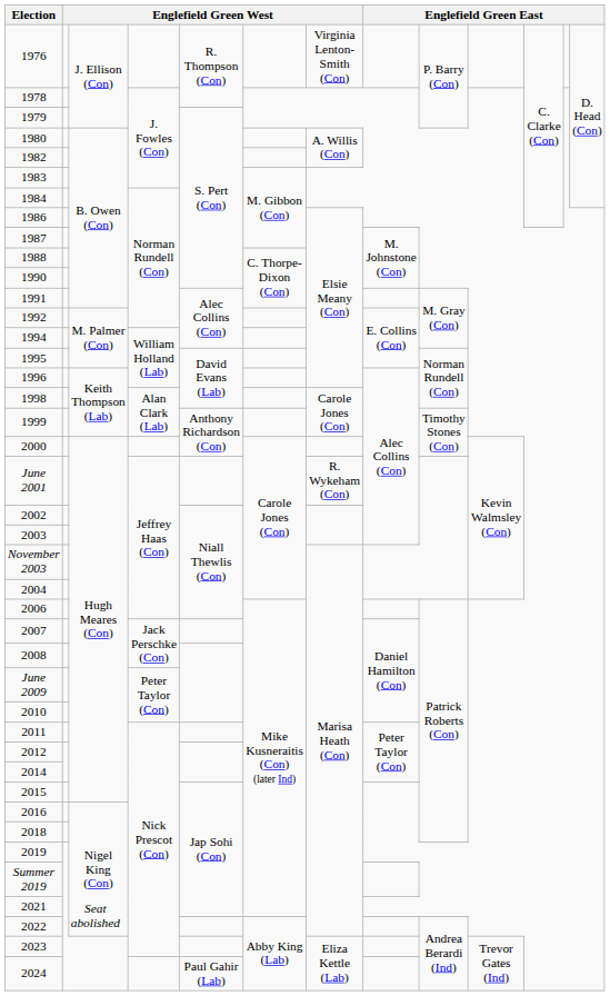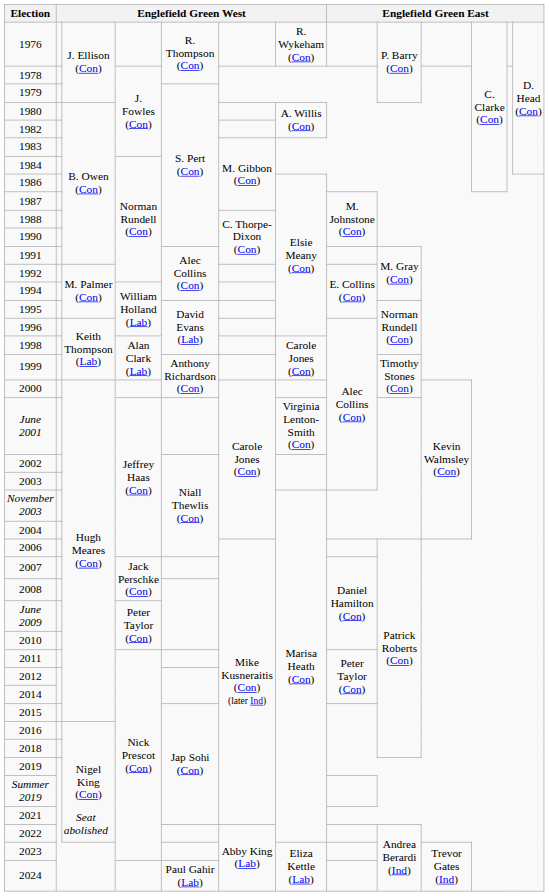 <table class="wikitable" style="text-align:center">
 <tr>
 <th>Election</th>
 <th colspan="6">Englefield Green West</th>
 <th colspan="6">Englefield Green East</th>
 </tr>
 <tr>
 <td>1976</td>
 <td style="color:inherit;background:"></td>
 <td rowspan="3">J. Ellison<br>(<a href='#'>Con</a>)</td>
 <td style="color:inherit;background:"></td>
 <td rowspan="2">R. Thompson<br>(<a href='#'>Con</a>)</td>
 <td style="color:inherit;background:"></td>
-<td>Virginia Lenton-Smith<br>(<a href='#'>Con</a>)</td>
+<td>R. Wykeham<br>(<a href='#'>Con</a>)</td>
 <td style="color:inherit;background:"></td>
 <td rowspan="3">P. Barry<br>(<a href='#'>Con</a>)</td>
 <td style="color:inherit;background:"></td>
 <td rowspan="8">C. Clarke<br>(<a href='#'>Con</a>)</td>
 <td style="color:inherit;background:"></td>
 <td rowspan="7">D. Head<br>(<a href='#'>Con</a>)</td>
 </tr>
 <tr>
 <td>1978</td>
 <td style="color:inherit;background:"></td>
 <td rowspan="5">J. Fowles<br>(<a href='#'>Con</a>)</td>
 </tr>
 <tr>
 <td>1979</td>
 <td style="color:inherit;background:"></td>
 <td rowspan="9">S. Pert<br>(<a href='#'>Con</a>)</td>
 </tr>
 <tr>
 <td>1980</td>
 <td style="color:inherit;background:"></td>
 <td rowspan="9">B. Owen<br>(<a href='#'>Con</a>)</td>
 <td style="color:inherit;background:"></td>
 <td rowspan="2">A. Willis<br>(<a href='#'>Con</a>)</td>
 </tr>
 <tr>
 <td>1982</td>
 </tr>
 <tr>
 <td>1983</td>
 <td style="color:inherit;background:"></td>
 <td rowspan="4">M. Gibbon<br>(<a href='#'>Con</a>)</td>
 </tr>
 <tr>
 <td>1984</td>
 <td style="color:inherit;background:"></td>
 <td rowspan="7">Norman Rundell<br>(<a href='#'>Con</a>)</td>
 </tr>
 <tr>
 <td>1986</td>
 <td style="color:inherit;background:"></td>
 <td rowspan="9">Elsie Meany<br>(<a href='#'>Con</a>)</td>
 </tr>
 <tr>
 <td>1987</td>
 <td style="color:inherit;background:"></td>
 <td rowspan="3">M. Johnstone<br>(<a href='#'>Con</a>)</td>
 </tr>
 <tr>
 <td>1988</td>
 <td style="color:inherit;background:"></td>
 <td rowspan="3">C. Thorpe-Dixon<br>(<a href='#'>Con</a>)</td>
 </tr>
 <tr>
 <td>1990</td>
 </tr>
 <tr>
 <td>1991</td>
 <td style="color:inherit;background:"></td>
 <td rowspan="3">Alec Collins<br>(<a href='#'>Con</a>)</td>
 <td style="color:inherit;background:"></td>
 <td rowspan="3">M. Gray<br>(<a href='#'>Con</a>)</td>
 </tr>
 <tr>
 <td>1992</td>
 <td style="color:inherit;background:"></td>
 <td rowspan="3">M. Palmer<br>(<a href='#'>Con</a>)</td>
 <td style="color:inherit;background:"></td>
 <td rowspan="3">E. Collins<br>(<a href='#'>Con</a>)</td>
 </tr>
 <tr>
 <td>1994</td>
 <td style="color:inherit;background:"></td>
 <td rowspan="3">William Holland<br>(<a href='#'>Lab</a>)</td>
 </tr>
 <tr>
 <td>1995</td>
 <td style="color:inherit;background:"></td>
 <td rowspan="3">David Evans<br>(<a href='#'>Lab</a>)</td>
 <td style="color:inherit;background:"></td>
 <td rowspan="3">Norman Rundell<br>(<a href='#'>Con</a>)</td>
 </tr>
 <tr>
 <td>1996</td>
 <td style="color:inherit;background:"></td>
 <td rowspan="3">Keith Thompson<br>(<a href='#'>Lab</a>)</td>
 <td style="color:inherit;background:"></td>
 <td rowspan="7">Alec Collins<br>(<a href='#'>Con</a>)</td>
 </tr>
 <tr>
 <td>1998</td>
 <td style="color:inherit;background:"></td>
 <td rowspan="2">Alan Clark<br>(<a href='#'>Lab</a>)</td>
 <td style="color:inherit;background:"></td>
 <td rowspan="2">Carole Jones<br>(<a href='#'>Con</a>)</td>
 </tr>
 <tr>
 <td>1999</td>
 <td style="color:inherit;background:"></td>
 <td rowspan="2">Anthony Richardson<br>(<a href='#'>Con</a>)</td>
 <td style="color:inherit;background:"></td>
 <td rowspan="2">Timothy Stones<br>(<a href='#'>Con</a>)</td>
 </tr>
 <tr>
 <td>2000</td>
 <td style="color:inherit;background:"></td>
 <td rowspan="15">Hugh Meares<br>(<a href='#'>Con</a>)</td>
 <td style="color:inherit;background:"></td>
 <td rowspan="6">Carole Jones<br>(<a href='#'>Con</a>)</td>
 <td style="color:inherit;background:"></td>
 <td rowspan="6">Kevin Walmsley<br>(<a href='#'>Con</a>)</td>
 </tr>
 <tr>
 <td><em>June 2001</em></td>
 <td style="color:inherit;background:"></td>
 <td rowspan="6">Jeffrey Haas<br>(<a href='#'>Con</a>)</td>
 <td style="color:inherit;background:"></td>
-<td>R. Wykeham<br>(<a href='#'>Con</a>)</td>
+<td>Virginia Lenton-Smith<br>(<a href='#'>Con</a>)</td>
 </tr>
 <tr>
 <td>2002</td>
 <td style="color:inherit;background:"></td>
 <td rowspan="5">Niall Thewlis<br>(<a href='#'>Con</a>)</td>
 </tr>
 <tr>
 <td>2003</td>
 </tr>
 <tr>
 <td><em>November 2003</em></td>
 <td style="color:inherit;background:"></td>
 <td rowspan="17">Marisa Heath<br>(<a href='#'>Con</a>)</td>
 </tr>
 <tr>
 <td>2004</td>
 </tr>
 <tr>
 <td>2006</td>
 <td style="color:inherit;background:"></td>
 <td rowspan="14">Mike Kusneraitis<br>(<a href='#'>Con</a>)<br><small>(later <a href='#'>Ind</a>)</small></td>
 <td style="color:inherit;background:"></td>
 <td rowspan="11">Patrick Roberts<br>(<a href='#'>Con</a>)</td>
 </tr>
 <tr>
 <td>2007</td>
 <td style="color:inherit;background:"></td>
 <td rowspan="2">Jack Perschke<br>(<a href='#'>Con</a>)</td>
 <td style="color:inherit;background:"></td>
 <td rowspan="4">Daniel Hamilton<br>(<a href='#'>Con</a>)</td>
 </tr>
 <tr>
 <td>2008</td>
 </tr>
 <tr>
 <td><em>June 2009</em></td>
 <td style="color:inherit;background:"></td>
 <td rowspan="2">Peter Taylor<br>(<a href='#'>Con</a>)</td>
 </tr>
 <tr>
 <td>2010</td>
 </tr>
 <tr>
 <td>2011</td>
 <td style="color:inherit;background:"></td>
 <td rowspan="11">Nick Prescot<br>(<a href='#'>Con</a>)</td>
 <td style="color:inherit;background:"></td>
 <td rowspan="3">Peter Taylor<br>(<a href='#'>Con</a>)</td>
 </tr>
 <tr>
 <td>2012</td>
 </tr>
 <tr>
 <td>2014</td>
 </tr>
 <tr>
 <td>2015</td>
 <td style="color:inherit;background:"></td>
 <td rowspan="6">Jap Sohi<br>(<a href='#'>Con</a>)</td>
 </tr>
 <tr>
 <td>2016</td>
 <td style="color:inherit;background:"></td>
 <td rowspan="6">Nigel King<br>(<a href='#'>Con</a>)</td>
 </tr>
 <tr>
 <td>2018</td>
 </tr>
 <tr>
 <td>2019</td>
 <td rowspan="6" colspan="2"><em>Seat abolished</em></td>
 </tr>
 <tr>
 <td><em> Summer 2019</em></td>
 <td style="color:inherit;background:"></td>
 </tr>
 <tr>
 <td>2021</td>
 </tr>
 <tr>
 <td>2022</td>
 <td style="color:inherit;background:"></td>
 <td rowspan="3">Abby King<br>(<a href='#'>Lab</a>)</td>
 <td style="color:inherit;background:"></td>
 <td rowspan="3">Andrea Berardi<br>(<a href='#'>Ind</a>)</td>
 </tr>
 <tr>
 <td>2023</td>
 <td style="color:inherit;background:"></td>
 <td rowspan="3">Eliza Kettle<br>(<a href='#'>Lab</a>)</td>
 <td style="color:inherit;background:"></td>
 <td rowspan="3">Trevor Gates<br>(<a href='#'>Ind</a>)</td>
 </tr>
 <tr>
 <td>2024</td>
 <td style="color:inherit;background:"></td>
 <td rowspan="3">Paul Gahir<br>(<a href='#'>Lab</a>)</td>
 </tr>
 </table>
